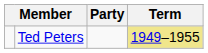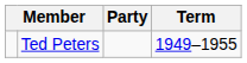 <table class="wikitable">
 <tr>
 <th colspan="2">Member</th>
 <th>Party</th>
 <th>Term</th>
 </tr>
 <tr>
 <td> </td>
 <td><a href='#'>Ted Peters</a></td>
 <td></td>
-<td style="background: khaki;"><a href='#'>1949</a>–1955</td>
+<td><a href='#'>1949</a>–1955</td>
 </tr>
 </table>
